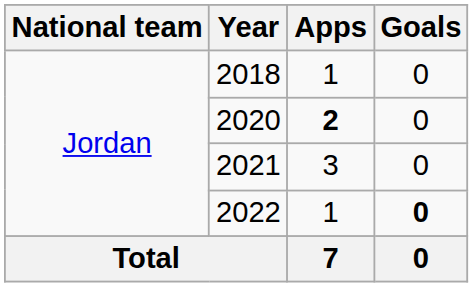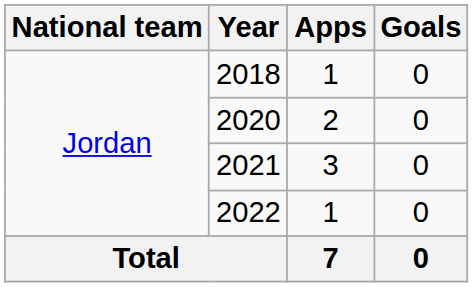 <table class="wikitable" style="text-align:center">
 <tr>
 <th>National team</th>
 <th>Year</th>
 <th>Apps</th>
 <th>Goals</th>
 </tr>
 <tr>
 <td rowspan="4"><a href='#'>Jordan</a></td>
 <td>2018</td>
 <td>1</td>
 <td>0</td>
 </tr>
 <tr>
 <td>2020</td>
-<td><strong>2</strong></td>
+<td>2</td>
 <td>0</td>
 </tr>
 <tr>
 <td>2021</td>
 <td>3</td>
 <td>0</td>
 </tr>
 <tr>
 <td>2022</td>
 <td>1</td>
-<td><strong>0</strong></td>
+<td>0</td>
 </tr>
 <tr>
 <th colspan=2>Total</th>
 <th>7</th>
 <th>0</th>
 </tr>
 </table>
